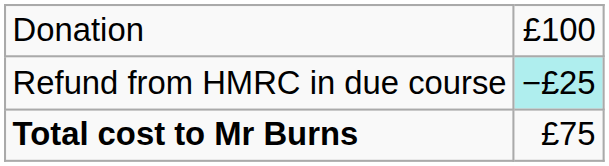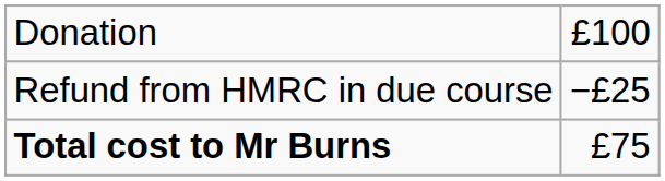 <table class="wikitable">
 <tr>
 <td>Donation</td>
 <td style="text-align:right">£100</td>
 </tr>
 <tr>
 <td>Refund from HMRC in due course</td>
-<td style="background: paleturquoise; text-align:right">−£25</td>
+<td style="text-align:right">−£25</td>
 </tr>
 <tr>
 <td><strong>Total cost to Mr Burns</strong></td>
 <td style="text-align:right">£75</td>
 </tr>
 </table>
